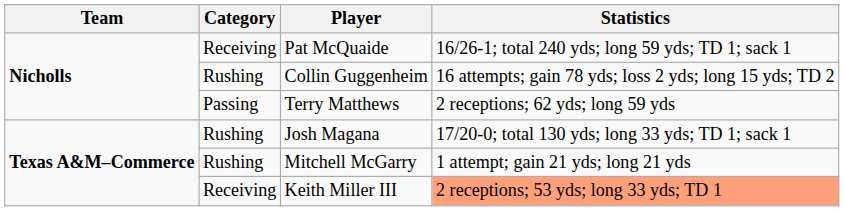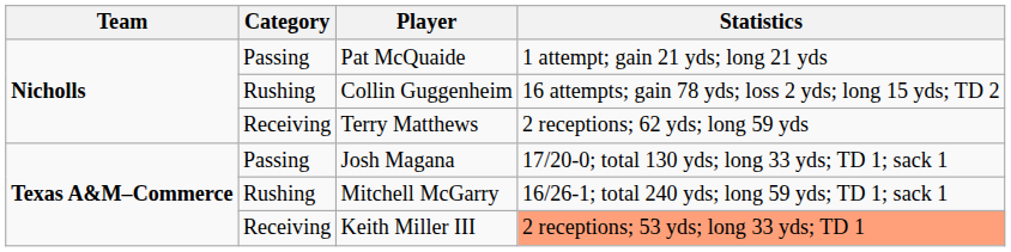 <table class="wikitable" style="float: right;">
 <tr>
 <th>Team</th>
 <th>Category</th>
 <th>Player</th>
 <th>Statistics</th>
 </tr>
 <tr>
 <td rowspan=3><strong>Nicholls</strong></td>
-<td>Receiving</td>
+<td>Passing</td>
 <td>Pat McQuaide</td>
-<td>16/26-1; total 240 yds; long 59 yds; TD 1; sack 1</td>
+<td>1 attempt; gain 21 yds; long 21 yds</td>
 </tr>
 <tr>
 <td>Rushing</td>
 <td>Collin Guggenheim</td>
 <td>16 attempts; gain 78 yds; loss 2 yds; long 15 yds; TD 2</td>
 </tr>
 <tr>
-<td>Passing</td>
+<td>Receiving</td>
 <td>Terry Matthews</td>
 <td>2 receptions; 62 yds; long 59 yds</td>
 </tr>
 <tr>
 <td rowspan=3><strong>Texas A&M–Commerce</strong></td>
-<td>Rushing</td>
+<td>Passing</td>
 <td>Josh Magana</td>
 <td>17/20-0; total 130 yds; long 33 yds; TD 1; sack 1</td>
 </tr>
 <tr>
 <td>Rushing</td>
 <td>Mitchell McGarry</td>
-<td>1 attempt; gain 21 yds; long 21 yds</td>
+<td>16/26-1; total 240 yds; long 59 yds; TD 1; sack 1</td>
 </tr>
 <tr>
 <td>Receiving</td>
 <td>Keith Miller III</td>
 <td style="background: lightsalmon;">2 receptions; 53 yds; long 33 yds; TD 1</td>
 </tr>
 </table>
